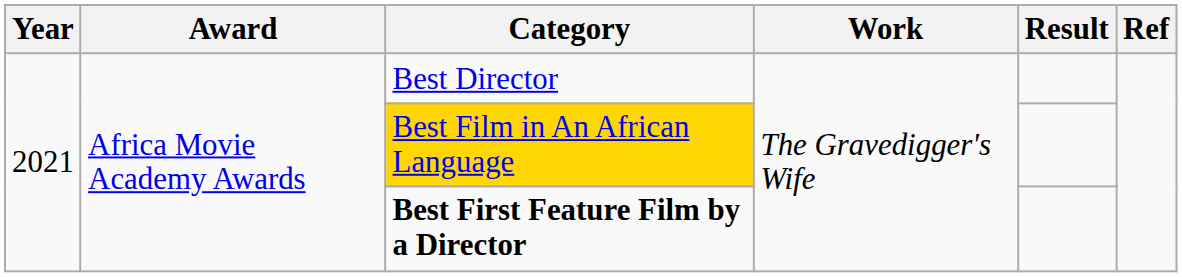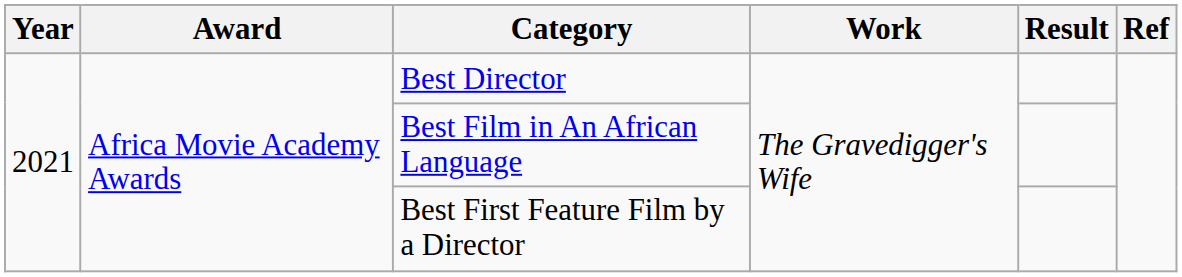 <table class="wikitable">
 <tr>
 <th>Year</th>
 <th>Award</th>
 <th>Category</th>
 <th>Work</th>
 <th>Result</th>
 <th>Ref</th>
 </tr>
 <tr>
 <td rowspan="3">2021</td>
 <td rowspan="3"><a href='#'>Africa Movie Academy Awards</a></td>
 <td><a href='#'>Best Director</a></td>
 <td rowspan="3"><em>The Gravedigger's Wife</em></td>
 <td></td>
 <td rowspan="3"></td>
 </tr>
 <tr>
-<td style="background: gold;"><a href='#'>Best Film in An African Language</a></td>
+<td><a href='#'>Best Film in An African Language</a></td>
 <td></td>
 </tr>
 <tr>
-<td><strong>Best First Feature Film by a Director</strong></td>
+<td>Best First Feature Film by a Director</td>
 <td></td>
 </tr>
 </table>
